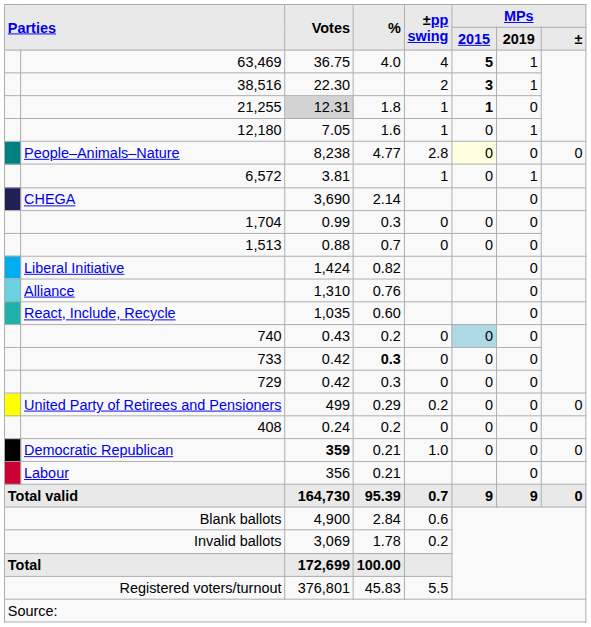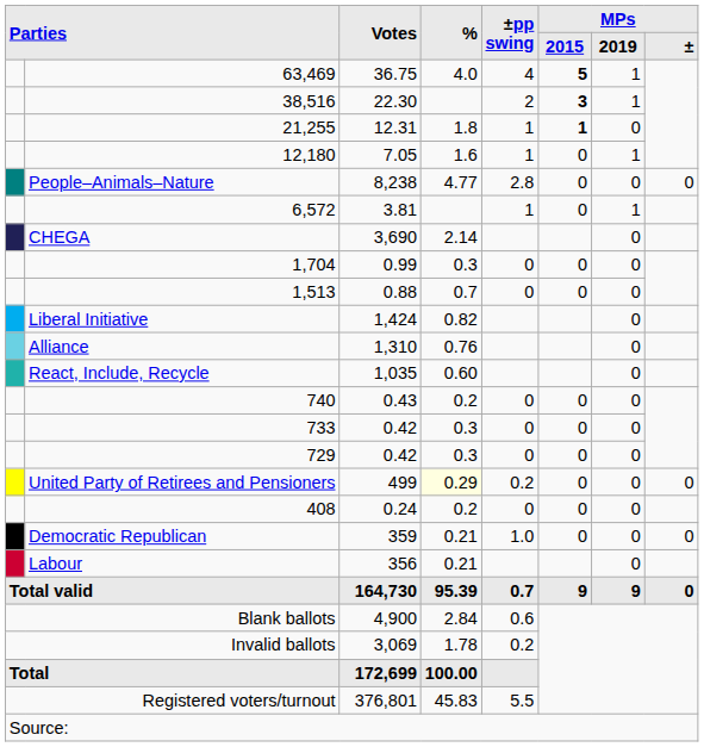 <table class="wikitable" style="text-align:right; font-size:95%;">
 <tr>
 <th rowspan="2" colspan="2" style="background:#e9e9e9; text-align:left;" alignleft><a href='#'>Parties</a></th>
 <th rowspan="2" style="background:#e9e9e9; text-align:right;">Votes</th>
 <th rowspan="2" style="background:#e9e9e9; text-align:right;">%</th>
 <th rowspan="2" style="background:#e9e9e9; text-align:right;">±<a href='#'>pp</a> <a href='#'>swing</a></th>
 <th colspan="3" style="background:#e9e9e9; text-align:center;"><a href='#'>MPs</a></th>
 </tr>
 <tr style="background-color:#E9E9E9">
 <th style="background-color:#E9E9E9;text-align:center;"><a href='#'>2015</a></th>
 <th style="background-color:#E9E9E9;text-align:center;">2019</th>
 <th style="background:#e9e9e9; text-align:right;">±</th>
 </tr>
 <tr>
 <td></td>
 <td>63,469</td>
 <td>36.75</td>
 <td>4.0</td>
 <td>4</td>
 <td><strong>5</strong></td>
 <td>1</td>
 </tr>
 <tr>
 <td></td>
 <td>38,516</td>
 <td>22.30</td>
 <td></td>
 <td>2</td>
 <td><strong>3</strong></td>
 <td>1</td>
 </tr>
 <tr>
 <td></td>
 <td>21,255</td>
-<td style="background: lightgrey;">12.31</td>
+<td>12.31</td>
 <td>1.8</td>
 <td>1</td>
 <td><strong>1</strong></td>
 <td>0</td>
 </tr>
 <tr>
 <td></td>
 <td>12,180</td>
 <td>7.05</td>
 <td>1.6</td>
 <td>1</td>
 <td>0</td>
 <td>1</td>
 </tr>
 <tr>
 <td style="width: 10px" bgcolor="teal" align="center"></td>
 <td align="left"><a href='#'>People–Animals–Nature</a></td>
 <td>8,238</td>
 <td>4.77</td>
 <td>2.8</td>
-<td style="background: lightyellow;">0</td>
+<td>0</td>
 <td>0</td>
 <td>0</td>
 </tr>
 <tr>
 <td></td>
 <td>6,572</td>
 <td>3.81</td>
 <td></td>
 <td>1</td>
 <td>0</td>
 <td>1</td>
 </tr>
 <tr>
 <td style="width: 10px" bgcolor="#202056" align="center"></td>
 <td align="left"><a href='#'>CHEGA</a></td>
 <td>3,690</td>
 <td>2.14</td>
 <td></td>
 <td></td>
 <td>0</td>
 <td></td>
 </tr>
 <tr>
 <td></td>
 <td>1,704</td>
 <td>0.99</td>
 <td>0.3</td>
 <td>0</td>
 <td>0</td>
 <td>0</td>
 </tr>
 <tr>
 <td></td>
 <td>1,513</td>
 <td>0.88</td>
 <td>0.7</td>
 <td>0</td>
 <td>0</td>
 <td>0</td>
 </tr>
 <tr>
 <td style="width: 10px" bgcolor="#00ADEF" align="center"></td>
 <td align="left"><a href='#'>Liberal Initiative</a></td>
 <td>1,424</td>
 <td>0.82</td>
 <td></td>
 <td></td>
 <td>0</td>
 <td></td>
 </tr>
 <tr>
 <td style="width: 10px" bgcolor="#6AD1E3" align="center"></td>
 <td align="left"><a href='#'>Alliance</a></td>
 <td>1,310</td>
 <td>0.76</td>
 <td></td>
 <td></td>
 <td>0</td>
 <td></td>
 </tr>
 <tr>
 <td style="width: 10px" bgcolor=LightSeaGreen align="center"></td>
 <td align=left><a href='#'>React, Include, Recycle</a></td>
 <td>1,035</td>
 <td>0.60</td>
 <td></td>
 <td></td>
 <td>0</td>
 <td></td>
 </tr>
 <tr>
 <td></td>
 <td>740</td>
 <td>0.43</td>
 <td>0.2</td>
 <td>0</td>
-<td style="background: lightblue;">0</td>
+<td>0</td>
 <td>0</td>
 </tr>
 <tr>
 <td></td>
 <td>733</td>
 <td>0.42</td>
-<td><strong>0.3</strong></td>
+<td>0.3</td>
 <td>0</td>
 <td>0</td>
 <td>0</td>
 </tr>
 <tr>
 <td></td>
 <td>729</td>
 <td>0.42</td>
 <td>0.3</td>
 <td>0</td>
 <td>0</td>
 <td>0</td>
 </tr>
 <tr>
 <td style="width: 10px" bgcolor=yellow align="center"></td>
 <td align=left><a href='#'>United Party of Retirees and Pensioners</a></td>
 <td>499</td>
-<td>0.29</td>
+<td style="background: lightyellow;">0.29</td>
 <td>0.2</td>
 <td>0</td>
 <td>0</td>
 <td>0</td>
 </tr>
 <tr>
 <td></td>
 <td>408</td>
 <td>0.24</td>
 <td>0.2</td>
 <td>0</td>
 <td>0</td>
 <td>0</td>
 </tr>
 <tr>
 <td style="width: 10px" bgcolor=black align="center"></td>
 <td align=left><a href='#'>Democratic Republican</a></td>
-<td><strong>359</strong></td>
+<td>359</td>
 <td>0.21</td>
 <td>1.0</td>
 <td>0</td>
 <td>0</td>
 <td>0</td>
 </tr>
 <tr>
 <td style="width: 10px" bgcolor=#CC0033 align="center"></td>
 <td align=left><a href='#'>Labour</a></td>
 <td>356</td>
 <td>0.21</td>
 <td></td>
 <td></td>
 <td>0</td>
 <td></td>
 </tr>
 <tr>
 <td colspan=2 align=left style="background-color:#E9E9E9"><strong>Total valid</strong></td>
 <td width="65" align="right" style="background-color:#E9E9E9"><strong>164,730</strong></td>
 <td width="40" align="right" style="background-color:#E9E9E9"><strong>95.39</strong></td>
 <td width="40" align="right" style="background-color:#E9E9E9"><strong>0.7</strong></td>
 <td width="40" align="right" style="background-color:#E9E9E9"><strong>9</strong></td>
 <td width="40" align="right" style="background-color:#E9E9E9"><strong>9</strong></td>
 <td width="40" align="right" style="background-color:#E9E9E9"><strong>0</strong></td>
 </tr>
 <tr>
 <td colspan=2>Blank ballots</td>
 <td>4,900</td>
 <td>2.84</td>
 <td>0.6</td>
 <td colspan=4 rowspan=4></td>
 </tr>
 <tr>
 <td colspan=2>Invalid ballots</td>
 <td>3,069</td>
 <td>1.78</td>
 <td>0.2</td>
 </tr>
 <tr>
 <td colspan=2 width="259" align=left style="background-color:#E9E9E9"><strong>Total</strong></td>
 <td width="50" align="right" style="background-color:#E9E9E9"><strong>172,699</strong></td>
 <td width="40" align="right" style="background-color:#E9E9E9"><strong>100.00</strong></td>
 <td width="40" align="right" style="background-color:#E9E9E9"></td>
 </tr>
 <tr>
 <td colspan=2>Registered voters/turnout</td>
 <td>376,801</td>
 <td>45.83</td>
 <td>5.5</td>
 </tr>
 <tr>
 <td colspan=11 align=left>Source: </td>
 </tr>
 </table>
